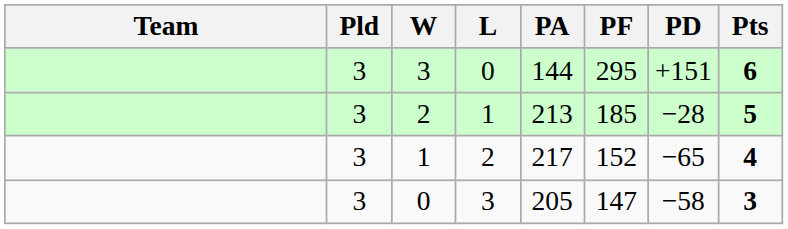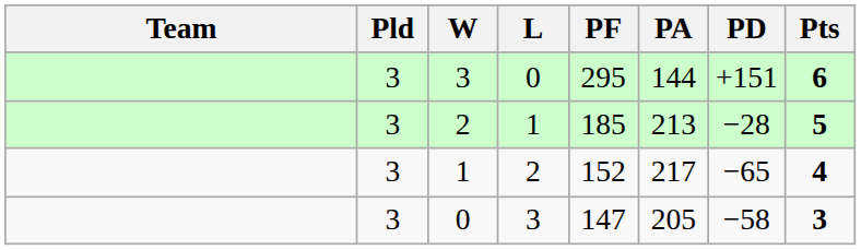 <table class="wikitable" style="text-align:center;">
 <tr>
 <th width=180>Team</th>
 <th width=30>Pld</th>
 <th width=30>W</th>
 <th width=30>L</th>
+<th width=30>PF</th>
 <th width=30>PA</th>
-<th width=30>PF</th>
 <th width=30>PD</th>
 <th width=30>Pts</th>
 </tr>
 <tr bgcolor="#ccffcc">
 <td align=left></td>
 <td>3</td>
 <td>3</td>
 <td>0</td>
+<td>295</td>
 <td>144</td>
-<td>295</td>
 <td>+151</td>
 <td><strong>6</strong></td>
 </tr>
 <tr bgcolor="#ccffcc">
 <td align=left></td>
 <td>3</td>
 <td>2</td>
 <td>1</td>
+<td>185</td>
 <td>213</td>
-<td>185</td>
 <td>−28</td>
 <td><strong>5</strong></td>
 </tr>
 <tr>
 <td align=left></td>
 <td>3</td>
 <td>1</td>
 <td>2</td>
+<td>152</td>
 <td>217</td>
-<td>152</td>
 <td>−65</td>
 <td><strong>4</strong></td>
 </tr>
 <tr>
 <td align=left></td>
 <td>3</td>
 <td>0</td>
 <td>3</td>
+<td>147</td>
 <td>205</td>
-<td>147</td>
 <td>−58</td>
 <td><strong>3</strong></td>
 </tr>
 </table>
